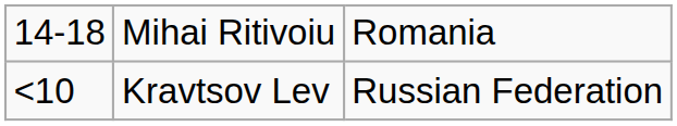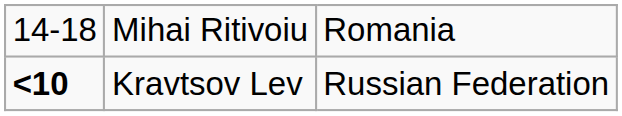 <table class="wikitable">
 <tr>
 <td>14-18</td>
 <td>Mihai Ritivoiu</td>
 <td>Romania</td>
 </tr>
 <tr>
-<td><10</td>
+<td><strong><10</strong></td>
 <td>Kravtsov Lev</td>
 <td>Russian Federation</td>
 </tr>
 </table>
